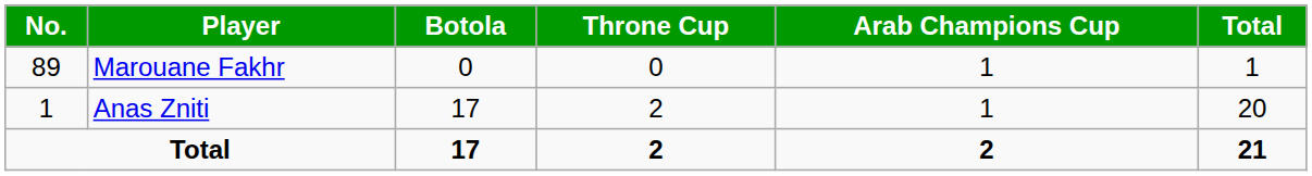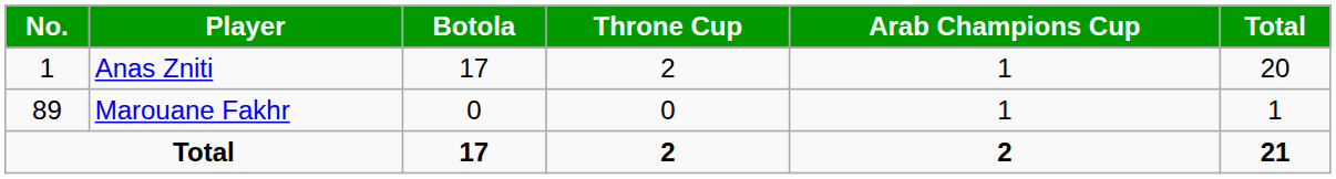 <table class="wikitable sortable" style="width:60%; text-align:center; font-size:95%; text-align:centre;">
 <tr>
 <th style="background:#009900; color:white;">No.</th>
 <th style="background:#009900; color:white;">Player</th>
 <th style="background:#009900; color:white;">Botola</th>
 <th style="background:#009900; color:white;">Throne Cup</th>
 <th style="background:#009900; color:white;">Arab Champions Cup</th>
 <th style="background:#009900; color:white;">Total</th>
 </tr>
 <tr>
+<td>1</td>
+<td style="text-align:left;"> <a href='#'>Anas Zniti</a></td>
+<td rowspan="-">17</td>
+<td rowspan="-">2</td>
+<td rowspan="-">1</td>
+<td rowspan="-">20</td>
+</tr>
+<tr>
 <td>89</td>
 <td style="text-align:left;"> <a href='#'>Marouane Fakhr</a></td>
 <td>0</td>
 <td>0</td>
 <td>1</td>
 <td>1</td>
-</tr>
-<tr>
-<td>1</td>
-<td style="text-align:left;"> <a href='#'>Anas Zniti</a></td>
-<td rowspan="-">17</td>
-<td rowspan="-">2</td>
-<td rowspan="-">1</td>
-<td rowspan="-">20</td>
 </tr>
 <tr class="sortbottom">
 <td colspan="2"><strong>Total</strong></td>
 <td rowspan="-"><strong>17</strong></td>
 <td rowspan="-"><strong>2</strong></td>
 <td rowspan="-"><strong>2</strong></td>
 <td rowspan="-"><strong>21</strong></td>
 </tr>
 </table>
